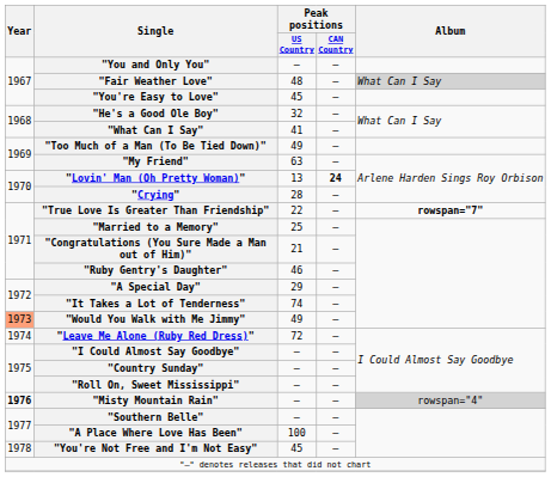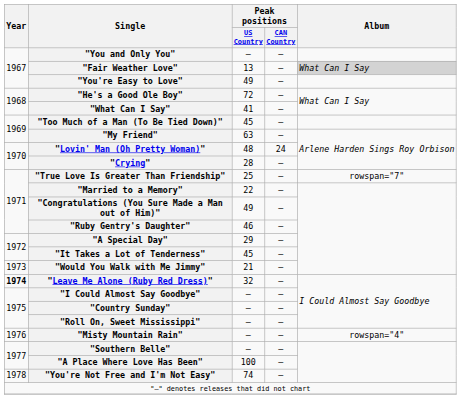 <table class="wikitable plainrowheaders" style="text-align:center;">
 <tr>
 <th rowspan="2">Year</th>
 <th rowspan="2" style="width:24em;">Single</th>
 <th colspan="2">Peak positions</th>
 <th rowspan="2">Album</th>
 </tr>
 <tr style="font-size:smaller;">
 <th width="45"><a href='#'>US Country</a><br></th>
 <th width="45"><a href='#'>CAN Country</a><br></th>
 </tr>
 <tr>
 <td rowspan="3">1967</td>
 <th scope="row">"You and Only You"</th>
 <td>—</td>
 <td>—</td>
 <td></td>
 </tr>
 <tr>
 <th scope="row">"Fair Weather Love"</th>
-<td>48</td>
+<td>13</td>
 <td>—</td>
 <td align="left" style="background: lightgrey;"><em>What Can I Say</em></td>
 </tr>
 <tr>
 <th scope="row">"You're Easy to Love"</th>
-<td>45</td>
+<td>49</td>
 <td>—</td>
 <td></td>
 </tr>
 <tr>
 <td rowspan="2">1968</td>
 <th scope="row">"He's a Good Ole Boy"</th>
-<td>32</td>
+<td>72</td>
 <td>—</td>
 <td rowspan="2" align="left"><em>What Can I Say</em></td>
 </tr>
 <tr>
 <th scope="row">"What Can I Say"</th>
 <td>41</td>
 <td>—</td>
 </tr>
 <tr>
 <td rowspan="2">1969</td>
 <th scope="row">"Too Much of a Man (To Be Tied Down)"</th>
-<td>49</td>
+<td>45</td>
 <td>—</td>
 <td></td>
 </tr>
 <tr>
 <th scope="row">"My Friend"</th>
 <td>63</td>
 <td>—</td>
 <td rowspan="3" align="left"><em>Arlene Harden Sings Roy Orbison</em></td>
 </tr>
 <tr>
 <td rowspan="2">1970</td>
 <th scope="row">"<a href='#'>Lovin' Man (Oh Pretty Woman)</a>"</th>
-<td>13</td>
-<td><strong>24</strong></td>
+<td>48</td>
+<td>24</td>
 </tr>
 <tr>
 <th scope="row">"<a href='#'>Crying</a>"</th>
 <td>28</td>
 <td>—</td>
 </tr>
 <tr>
 <td rowspan="4">1971</td>
 <th scope="row">"True Love Is Greater Than Friendship"</th>
-<td>22</td>
+<td>25</td>
 <td>—</td>
-<td><strong>rowspan="7" </strong></td>
+<td>rowspan="7" </td>
 </tr>
 <tr>
 <th scope="row">"Married to a Memory"</th>
-<td>25</td>
+<td>22</td>
 <td>—</td>
 </tr>
 <tr>
 <th scope="row">"Congratulations (You Sure Made a Man out of Him)"</th>
-<td>21</td>
+<td>49</td>
 <td>—</td>
 </tr>
 <tr>
 <th scope="row">"Ruby Gentry's Daughter"</th>
 <td>46</td>
 <td>—</td>
 </tr>
 <tr>
 <td rowspan="2">1972</td>
 <th scope="row">"A Special Day"</th>
 <td>29</td>
 <td>—</td>
 </tr>
 <tr>
 <th scope="row">"It Takes a Lot of Tenderness"</th>
-<td>74</td>
+<td>45</td>
 <td>—</td>
 </tr>
 <tr>
-<td style="background: lightsalmon;">1973</td>
+<td>1973</td>
 <th scope="row">"Would You Walk with Me Jimmy"</th>
-<td>49</td>
+<td>21</td>
 <td>—</td>
 </tr>
 <tr>
-<td>1974</td>
+<td><strong>1974</strong></td>
 <th scope="row">"<a href='#'>Leave Me Alone (Ruby Red Dress)</a>"</th>
-<td>72</td>
+<td>32</td>
 <td>—</td>
 <td rowspan="4" align="left"><em>I Could Almost Say Goodbye</em></td>
 </tr>
 <tr>
 <td rowspan="3">1975</td>
 <th scope="row">"I Could Almost Say Goodbye"</th>
 <td>—</td>
 <td>—</td>
 </tr>
 <tr>
 <th scope="row">"Country Sunday"</th>
 <td>—</td>
 <td>—</td>
 </tr>
 <tr>
 <th scope="row">"Roll On, Sweet Mississippi"</th>
 <td>—</td>
 <td>—</td>
 </tr>
 <tr>
-<td><strong>1976</strong></td>
+<td>1976</td>
 <th scope="row">"Misty Mountain Rain"</th>
 <td>—</td>
 <td>—</td>
-<td style="background: lightgrey;">rowspan="4" </td>
+<td>rowspan="4" </td>
 </tr>
 <tr>
 <td rowspan="2">1977</td>
 <th scope="row">"Southern Belle"</th>
 <td>—</td>
 <td>—</td>
 </tr>
 <tr>
 <th scope="row">"A Place Where Love Has Been"</th>
 <td>100</td>
 <td>—</td>
 </tr>
 <tr>
 <td>1978</td>
 <th scope="row">"You're Not Free and I'm Not Easy"</th>
-<td>45</td>
+<td>74</td>
 <td>—</td>
 </tr>
 <tr>
 <td colspan="5" style="font-size: 8pt">"—" denotes releases that did not chart</td>
 </tr>
 <tr>
 </tr>
 </table>
